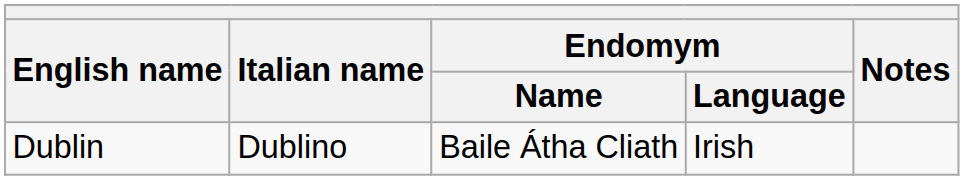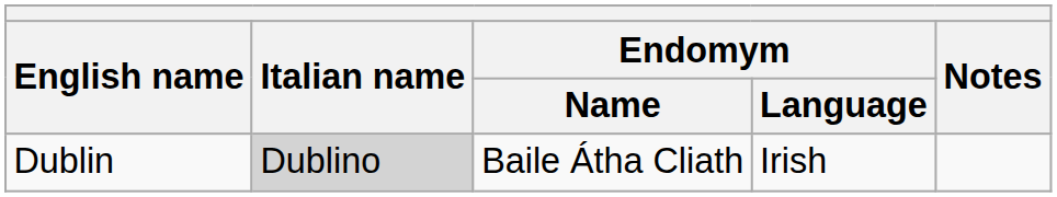 <table class="wikitable sortable">
 <tr>
 <th colspan="5"></th>
 </tr>
 <tr>
 <th rowspan="2">English name</th>
 <th rowspan="2">Italian name</th>
 <th colspan="2">Endomym</th>
 <th rowspan="2">Notes</th>
 </tr>
 <tr>
 <th>Name</th>
 <th>Language</th>
 </tr>
 <tr>
 <td>Dublin</td>
-<td>Dublino</td>
+<td style="background: lightgrey;">Dublino</td>
 <td>Baile Átha Cliath</td>
 <td>Irish</td>
 <td></td>
 </tr>
 </table>
